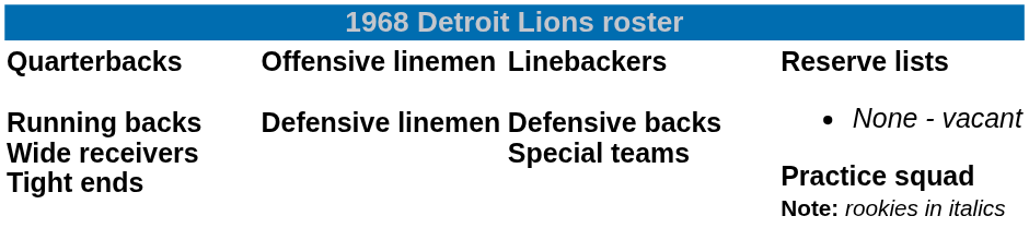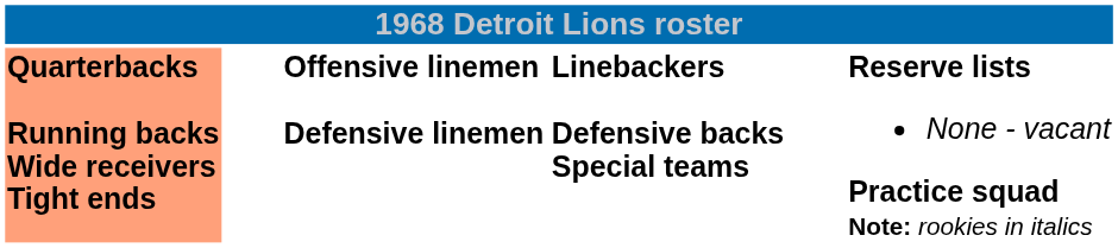 <table class="toccolours" style="text-align: left;">
 <tr>
 <th colspan="7" style="text-align:center;background-color:#006DB0;color:#C3C6CC;"><strong>1968 Detroit Lions roster</strong></th>
 </tr>
 <tr>
-<td style="font-size: 95%;" valign="top"><strong>Quarterbacks</strong><br>  <br><strong>Running backs</strong>       <br><strong>Wide receivers</strong>    <br><strong>Tight ends</strong>  </td>
+<td style="background: lightsalmon; font-size: 95%;" valign="top"><strong>Quarterbacks</strong><br>  <br><strong>Running backs</strong>       <br><strong>Wide receivers</strong>    <br><strong>Tight ends</strong>  </td>
 <td style="width: 25px;"></td>
 <td style="font-size: 95%;" valign="top"><strong>Offensive linemen</strong><br>        <br><strong>Defensive linemen</strong>         </td>
 <td style="font-size: 95%;" valign="top"><strong>Linebackers</strong><br>    <br><strong>Defensive backs</strong>       <br><strong>Special teams</strong> </td>
 <td style="width: 25px;"></td>
 <td style="font-size: 95%;" valign="top"><strong>Reserve lists</strong><br><ul><li><em>None - vacant</em></li></ul><strong>Practice squad</strong>  <br><small><strong>Note:</strong> <em>rookies in italics</em></small><br></td>
 </tr>
 <tr>
 </tr>
 </table>
